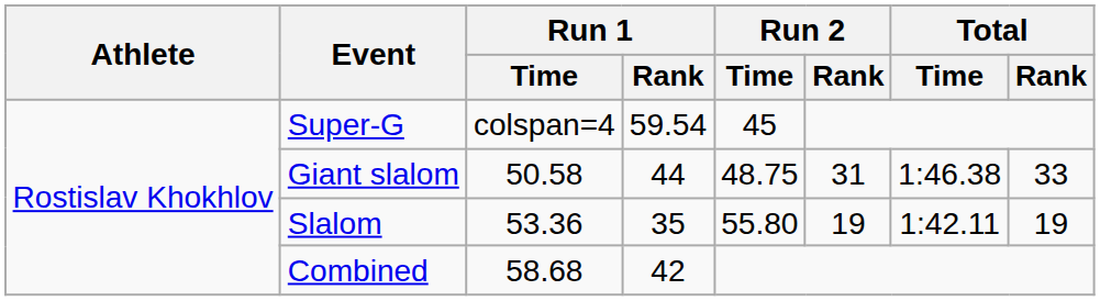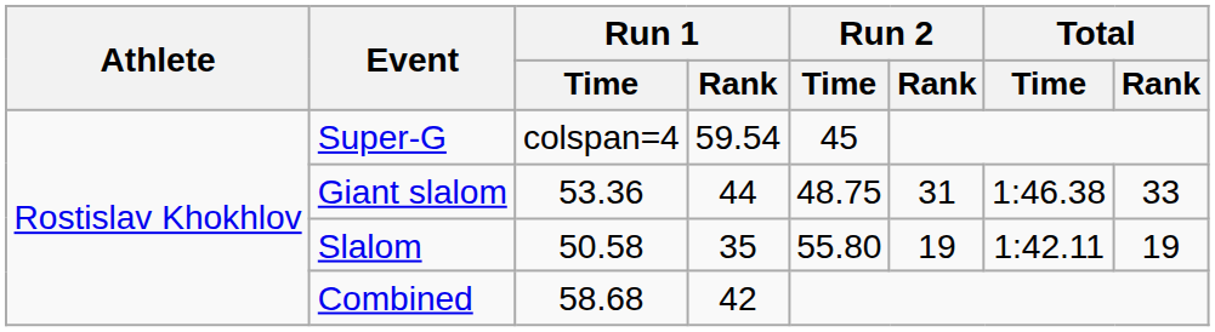 <table class="wikitable" style="font-size:90%">
 <tr>
 <th rowspan=2>Athlete</th>
 <th rowspan=2>Event</th>
 <th colspan=2>Run 1</th>
 <th colspan=2>Run 2</th>
 <th colspan=2>Total</th>
 </tr>
 <tr style="font-size:95%">
 <th>Time</th>
 <th>Rank</th>
 <th>Time</th>
 <th>Rank</th>
 <th>Time</th>
 <th>Rank</th>
 </tr>
 <tr align=center>
 <td align="left" rowspan="4"><a href='#'>Rostislav Khokhlov</a></td>
 <td align="left"><a href='#'>Super-G</a></td>
 <td>colspan=4</td>
 <td>59.54</td>
 <td>45</td>
 </tr>
 <tr align=center>
 <td align="left"><a href='#'>Giant slalom</a></td>
-<td>50.58</td>
+<td>53.36</td>
 <td>44</td>
 <td>48.75</td>
 <td>31</td>
 <td>1:46.38</td>
 <td>33</td>
 </tr>
 <tr align=center>
 <td align="left"><a href='#'>Slalom</a></td>
-<td>53.36</td>
+<td>50.58</td>
 <td>35</td>
 <td>55.80</td>
 <td>19</td>
 <td>1:42.11</td>
 <td>19</td>
 </tr>
 <tr align=center>
 <td align="left"><a href='#'>Combined</a></td>
 <td>58.68</td>
 <td>42</td>
 <td colspan=4></td>
 </tr>
 </table>
